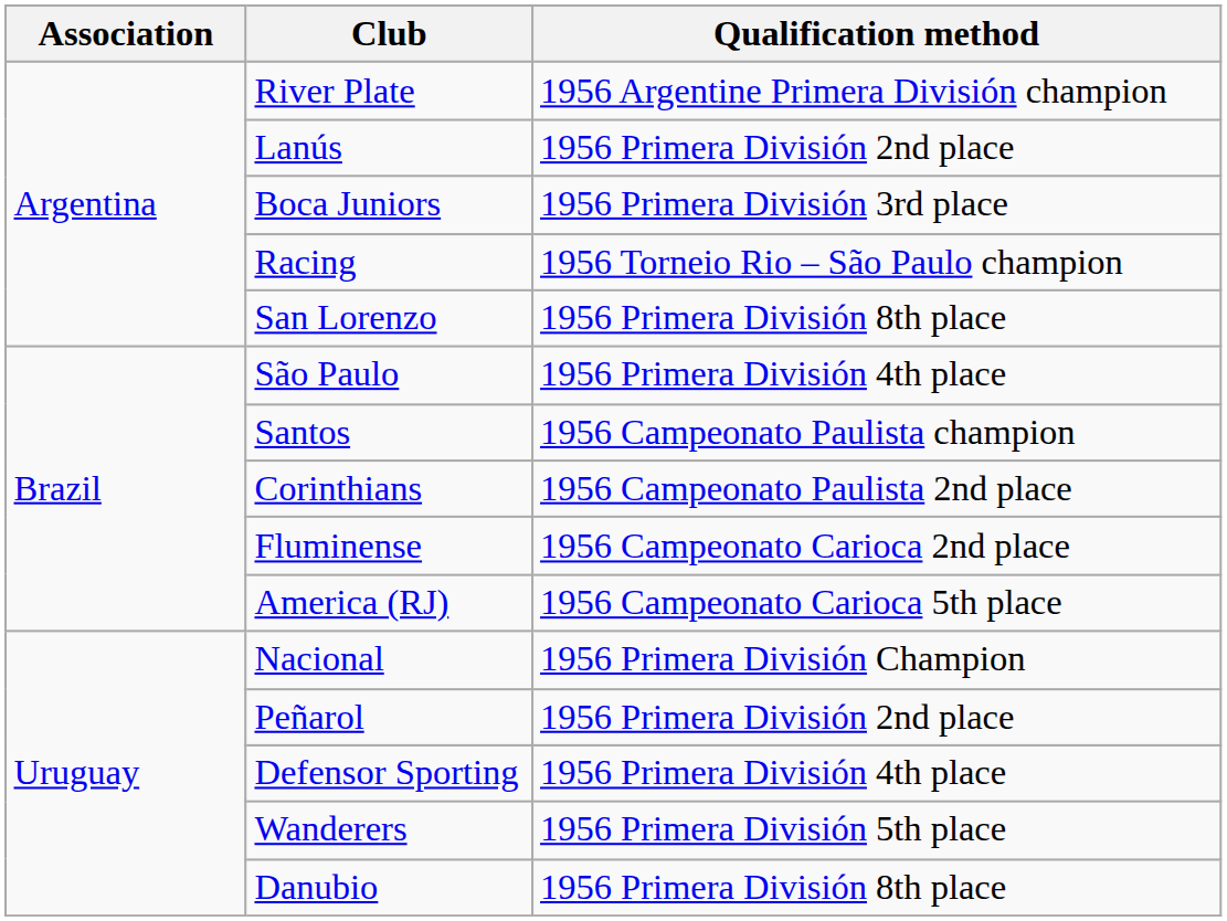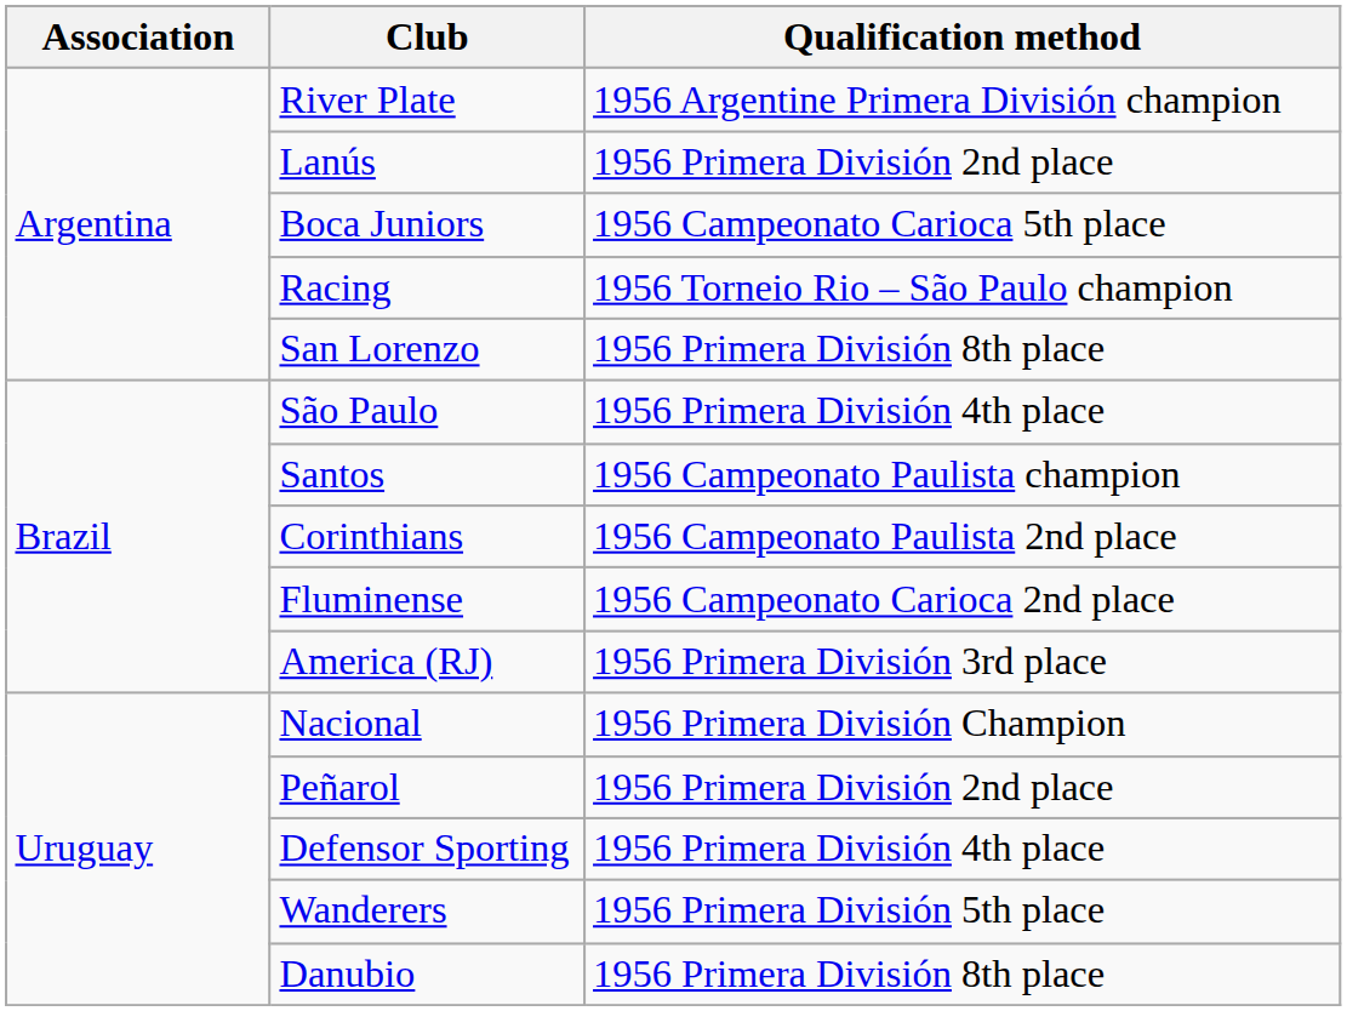 <table class="wikitable">
 <tr>
 <th width=100px>Association</th>
 <th width=120px>Club</th>
 <th width=300px>Qualification method</th>
 </tr>
 <tr>
 <td rowspan=5> <a href='#'>Argentina</a></td>
 <td><a href='#'>River Plate</a></td>
 <td><a href='#'>1956 Argentine Primera División</a> champion</td>
 </tr>
 <tr>
 <td><a href='#'>Lanús</a></td>
 <td><a href='#'>1956 Primera División</a> 2nd place</td>
 </tr>
 <tr>
 <td><a href='#'>Boca Juniors</a></td>
-<td><a href='#'>1956 Primera División</a> 3rd place</td>
+<td><a href='#'>1956 Campeonato Carioca</a> 5th place</td>
 </tr>
 <tr>
 <td><a href='#'>Racing</a></td>
 <td><a href='#'>1956 Torneio Rio – São Paulo</a> champion</td>
 </tr>
 <tr>
 <td><a href='#'>San Lorenzo</a></td>
 <td><a href='#'>1956 Primera División</a> 8th place</td>
 </tr>
 <tr>
 <td rowspan=5> <a href='#'>Brazil</a></td>
 <td><a href='#'>São Paulo</a></td>
 <td><a href='#'>1956 Primera División</a> 4th place</td>
 </tr>
 <tr>
 <td><a href='#'>Santos</a></td>
 <td><a href='#'>1956 Campeonato Paulista</a> champion</td>
 </tr>
 <tr>
 <td><a href='#'>Corinthians</a></td>
 <td><a href='#'>1956 Campeonato Paulista</a> 2nd place</td>
 </tr>
 <tr>
 <td><a href='#'>Fluminense</a></td>
 <td><a href='#'>1956 Campeonato Carioca</a> 2nd place</td>
 </tr>
 <tr>
 <td><a href='#'>America (RJ)</a></td>
-<td><a href='#'>1956 Campeonato Carioca</a> 5th place</td>
+<td><a href='#'>1956 Primera División</a> 3rd place</td>
 </tr>
 <tr>
 <td rowspan=5> <a href='#'>Uruguay</a></td>
 <td><a href='#'>Nacional</a></td>
 <td><a href='#'>1956 Primera División</a> Champion</td>
 </tr>
 <tr>
 <td><a href='#'>Peñarol</a></td>
 <td><a href='#'>1956 Primera División</a> 2nd place</td>
 </tr>
 <tr>
 <td><a href='#'>Defensor Sporting</a></td>
 <td><a href='#'>1956 Primera División</a> 4th place</td>
 </tr>
 <tr>
 <td><a href='#'>Wanderers</a></td>
 <td><a href='#'>1956 Primera División</a> 5th place</td>
 </tr>
 <tr>
 <td><a href='#'>Danubio</a></td>
 <td><a href='#'>1956 Primera División</a> 8th place</td>
 </tr>
 </table>
